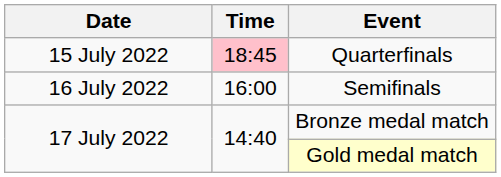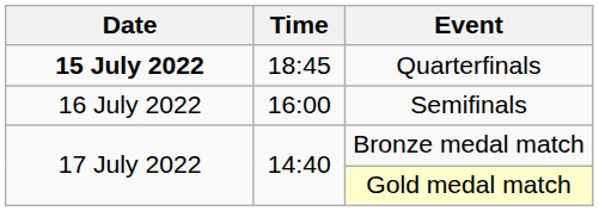 <table class = "wikitable" style="text-align:center;">
 <tr>
 <th width=150>Date</th>
 <th width=50>Time</th>
 <th width=150>Event</th>
 </tr>
 <tr>
-<td>15 July 2022</td>
-<td style="background: pink;">18:45</td>
+<td><strong>15 July 2022</strong></td>
+<td>18:45</td>
 <td>Quarterfinals</td>
 </tr>
 <tr>
 <td>16 July 2022</td>
 <td>16:00</td>
 <td>Semifinals</td>
 </tr>
 <tr>
 <td rowspan=2>17 July 2022</td>
 <td rowspan=2>14:40</td>
 <td>Bronze medal match</td>
 </tr>
 <tr>
 <td bgcolor=ffffcc>Gold medal match</td>
 </tr>
 </table>
